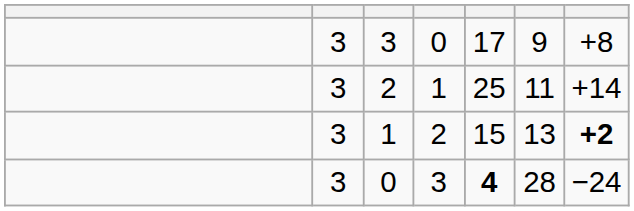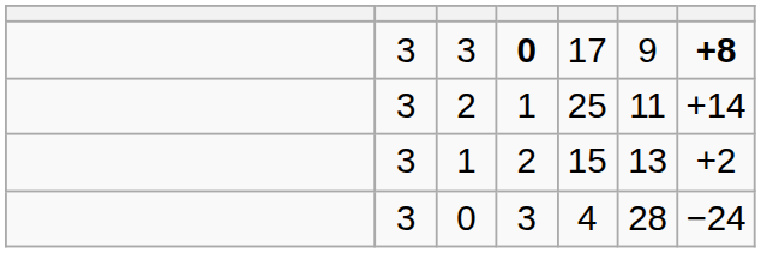 <table class=wikitable style=text-align:center>
 <tr>
 <th width=160></th>
 <th width=20></th>
 <th width=20></th>
 <th width=20></th>
 <th width=20></th>
 <th width=20></th>
 <th width=20></th>
 </tr>
 <tr style=>
 <td style="text-align:left;"></td>
 <td>3</td>
 <td>3</td>
-<td>0</td>
+<td><strong>0</strong></td>
 <td>17</td>
 <td>9</td>
-<td>+8</td>
+<td><strong>+8</strong></td>
 </tr>
 <tr>
 <td style="text-align:left;"></td>
 <td>3</td>
 <td>2</td>
 <td>1</td>
 <td>25</td>
 <td>11</td>
 <td>+14</td>
 </tr>
 <tr>
 <td style="text-align:left;"></td>
 <td>3</td>
 <td>1</td>
 <td>2</td>
 <td>15</td>
 <td>13</td>
-<td><strong>+2</strong></td>
+<td>+2</td>
 </tr>
 <tr style=>
 <td style="text-align:left;"></td>
 <td>3</td>
 <td>0</td>
 <td>3</td>
-<td><strong>4</strong></td>
+<td>4</td>
 <td>28</td>
 <td>−24</td>
 </tr>
 </table>
